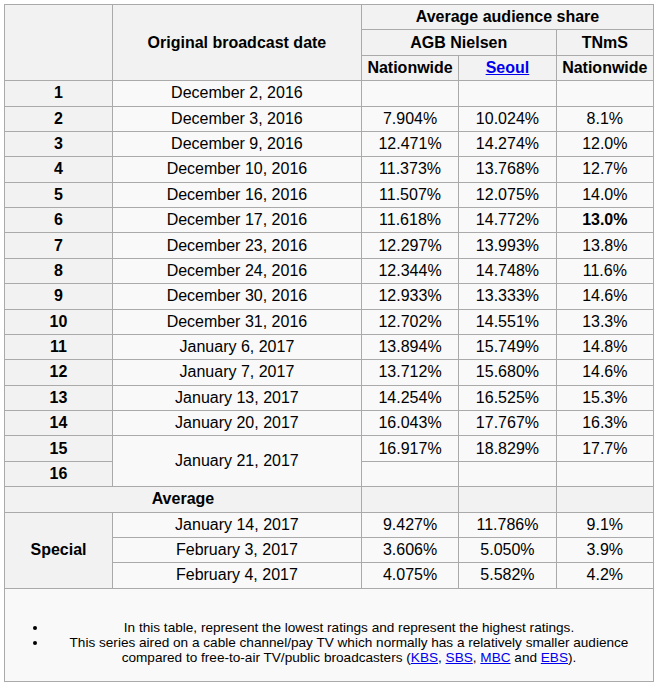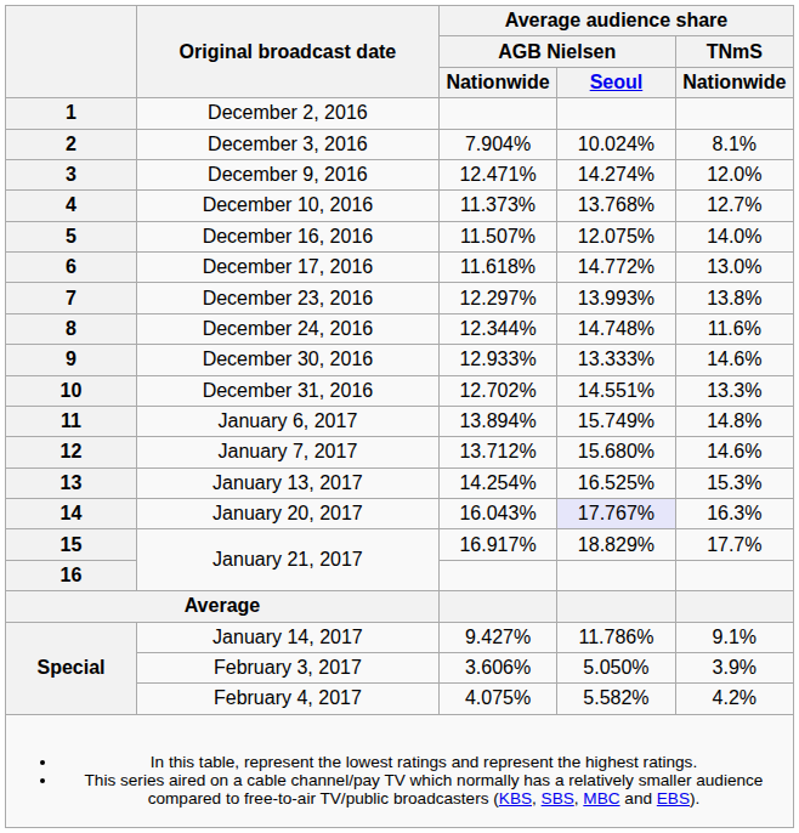 <table class=wikitable style="width:650px; text-align:center">
 <tr>
 <th rowspan="3"></th>
 <th rowspan="3">Original broadcast date</th>
 <th colspan="3">Average audience share</th>
 </tr>
 <tr>
 <th colspan="2">AGB Nielsen</th>
 <th>TNmS</th>
 </tr>
 <tr>
 <th width="90">Nationwide</th>
 <th width="90"><a href='#'>Seoul</a></th>
 <th width="90">Nationwide</th>
 </tr>
 <tr>
 <th>1</th>
 <td>December 2, 2016</td>
 <td></td>
 <td></td>
 <td></td>
 </tr>
 <tr>
 <th>2</th>
 <td>December 3, 2016</td>
 <td>7.904%</td>
 <td>10.024%</td>
 <td>8.1%</td>
 </tr>
 <tr>
 <th>3</th>
 <td>December 9, 2016</td>
 <td>12.471%</td>
 <td>14.274%</td>
 <td>12.0%</td>
 </tr>
 <tr>
 <th>4</th>
 <td>December 10, 2016</td>
 <td>11.373%</td>
 <td>13.768%</td>
 <td>12.7%</td>
 </tr>
 <tr>
 <th>5</th>
 <td>December 16, 2016</td>
 <td>11.507%</td>
 <td>12.075%</td>
 <td>14.0%</td>
 </tr>
 <tr>
 <th>6</th>
 <td>December 17, 2016</td>
 <td>11.618%</td>
 <td>14.772%</td>
-<td><strong>13.0%</strong></td>
+<td>13.0%</td>
 </tr>
 <tr>
 <th>7</th>
 <td>December 23, 2016</td>
 <td>12.297%</td>
 <td>13.993%</td>
 <td>13.8%</td>
 </tr>
 <tr>
 <th>8</th>
 <td>December 24, 2016</td>
 <td>12.344%</td>
 <td>14.748%</td>
 <td>11.6%</td>
 </tr>
 <tr>
 <th>9</th>
 <td>December 30, 2016</td>
 <td>12.933%</td>
 <td>13.333%</td>
 <td>14.6%</td>
 </tr>
 <tr>
 <th>10</th>
 <td>December 31, 2016</td>
 <td>12.702%</td>
 <td>14.551%</td>
 <td>13.3%</td>
 </tr>
 <tr>
 <th>11</th>
 <td>January 6, 2017</td>
 <td>13.894%</td>
 <td>15.749%</td>
 <td>14.8%</td>
 </tr>
 <tr>
 <th>12</th>
 <td>January 7, 2017</td>
 <td>13.712%</td>
 <td>15.680%</td>
 <td>14.6%</td>
 </tr>
 <tr>
 <th>13</th>
 <td>January 13, 2017</td>
 <td>14.254%</td>
 <td>16.525%</td>
 <td>15.3%</td>
 </tr>
 <tr>
 <th>14</th>
 <td>January 20, 2017</td>
 <td>16.043%</td>
-<td>17.767%</td>
+<td style="background: lavender;">17.767%</td>
 <td>16.3%</td>
 </tr>
 <tr>
 <th>15</th>
 <td rowspan="2">January 21, 2017</td>
 <td>16.917%</td>
 <td>18.829%</td>
 <td>17.7%</td>
 </tr>
 <tr>
 <th>16</th>
 <td></td>
 <td></td>
 <td></td>
 </tr>
 <tr>
 <th colspan="2">Average</th>
 <th></th>
 <th></th>
 <th></th>
 </tr>
 <tr>
 <th rowspan="3">Special</th>
 <td>January 14, 2017</td>
 <td>9.427%</td>
 <td>11.786%</td>
 <td>9.1%</td>
 </tr>
 <tr>
 <td>February 3, 2017</td>
 <td>3.606%</td>
 <td>5.050%</td>
 <td>3.9%</td>
 </tr>
 <tr>
 <td>February 4, 2017</td>
 <td>4.075%</td>
 <td>5.582%</td>
 <td>4.2%</td>
 </tr>
 <tr style="font-size:85%">
 <td colspan="5"><br><ul><li>In this table,  represent the lowest ratings and  represent the highest ratings.</li><li>This series aired on a cable channel/pay TV which normally has a relatively smaller audience compared to free-to-air TV/public broadcasters (<a href='#'>KBS</a>, <a href='#'>SBS</a>, <a href='#'>MBC</a> and <a href='#'>EBS</a>).</li></ul></td>
 </tr>
 </table>
